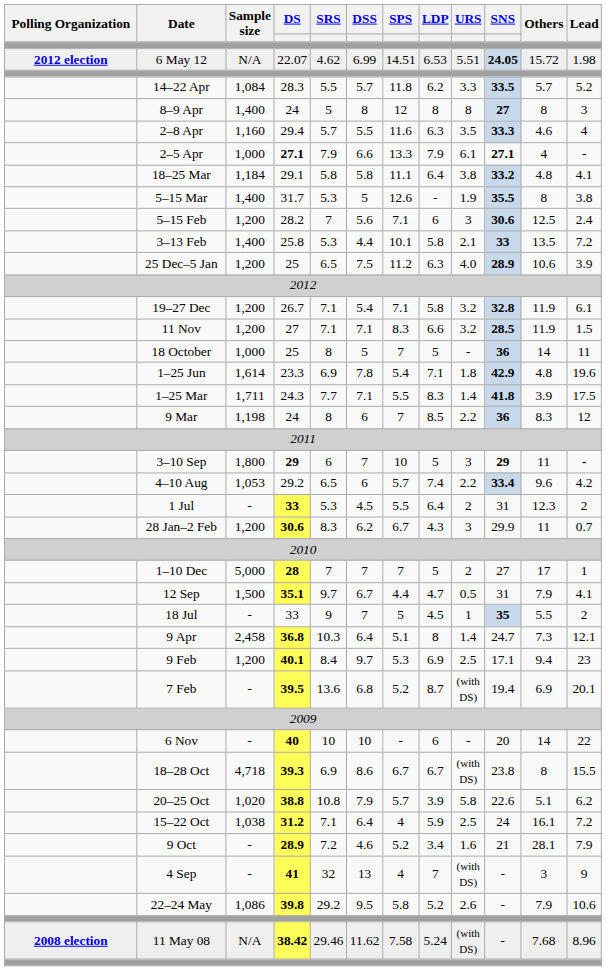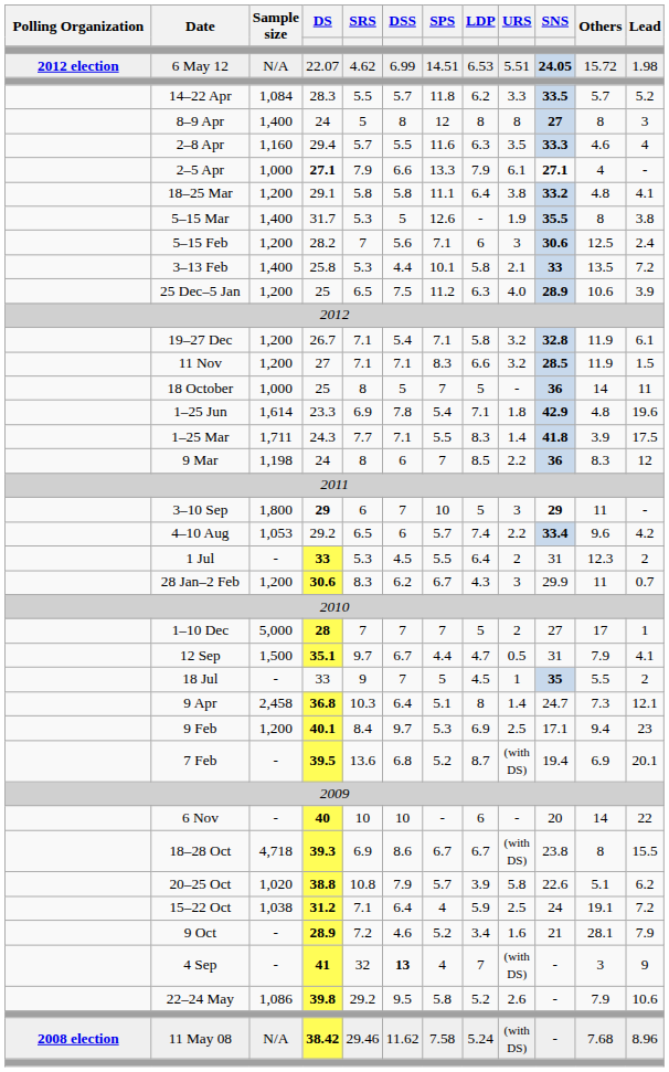 <table class="wikitable" style="text-align:center; font-size:85%; line-height:16px; margin-bottom:0">
 <tr>
 <th style="width:150px;" rowspan="2">Polling Organization</th>
 <th style="width:100px;" rowspan="2">Date</th>
 <th rowspan="2">Sample size</th>
 <th><a href='#'>DS</a></th>
 <th><a href='#'>SRS</a></th>
 <th><a href='#'>DSS</a></th>
 <th><a href='#'>SPS</a></th>
 <th><a href='#'>LDP</a></th>
 <th><a href='#'>URS</a></th>
 <th><a href='#'>SNS</a></th>
 <th rowspan="2">Others</th>
 <th rowspan="2">Lead</th>
 </tr>
 <tr>
 <th style="background:"></th>
 <th style="background:"></th>
 <th style="background:"></th>
 <th style="background:"></th>
 <th style="background:"></th>
 <th style="background:"></th>
 <th style="background:"></th>
 </tr>
 <tr>
 <td colspan="12" style="background:#A0A0A0"></td>
 </tr>
 <tr style="background:#EFEFEF;">
 <td><strong><a href='#'>2012 election</a></strong></td>
 <td>6 May 12</td>
 <td>N/A</td>
 <td>22.07</td>
 <td>4.62</td>
 <td>6.99</td>
 <td>14.51</td>
 <td>6.53</td>
 <td>5.51</td>
 <td style="background:#C8D9EC"><strong>24.05</strong></td>
 <td>15.72</td>
 <td style="background:">1.98</td>
 </tr>
 <tr>
 <td colspan="12" style="background:#A0A0A0"></td>
 </tr>
 <tr>
 <td></td>
 <td>14–22 Apr</td>
 <td>1,084</td>
 <td>28.3</td>
 <td>5.5</td>
 <td>5.7</td>
 <td>11.8</td>
 <td>6.2</td>
 <td>3.3</td>
 <td style="background:#C8D9EC"><strong>33.5</strong></td>
 <td>5.7</td>
 <td style="background:">5.2</td>
 </tr>
 <tr>
 <td></td>
 <td>8–9 Apr</td>
 <td>1,400</td>
 <td>24</td>
 <td>5</td>
 <td>8</td>
 <td>12</td>
 <td>8</td>
 <td>8</td>
 <td style="background:#C8D9EC"><strong>27</strong></td>
 <td>8</td>
 <td style="background:">3</td>
 </tr>
 <tr>
 <td></td>
 <td>2–8 Apr</td>
 <td>1,160</td>
 <td>29.4</td>
 <td>5.7</td>
 <td>5.5</td>
 <td>11.6</td>
 <td>6.3</td>
 <td>3.5</td>
 <td style="background:#C8D9EC"><strong>33.3</strong></td>
 <td>4.6</td>
 <td style="background:">4</td>
 </tr>
 <tr>
 <td></td>
 <td>2–5 Apr</td>
 <td>1,000</td>
 <td><strong>27.1</strong></td>
 <td>7.9</td>
 <td>6.6</td>
 <td>13.3</td>
 <td>7.9</td>
 <td>6.1</td>
 <td><strong>27.1</strong></td>
 <td>4</td>
 <td><strong>-</strong></td>
 </tr>
 <tr>
 <td></td>
 <td>18–25 Mar</td>
-<td>1,184</td>
+<td>1,200</td>
 <td>29.1</td>
 <td>5.8</td>
 <td>5.8</td>
 <td>11.1</td>
 <td>6.4</td>
 <td>3.8</td>
 <td style="background:#C8D9EC"><strong>33.2</strong></td>
 <td>4.8</td>
 <td style="background:">4.1</td>
 </tr>
 <tr>
 <td></td>
 <td>5–15 Mar</td>
 <td>1,400</td>
 <td>31.7</td>
 <td>5.3</td>
 <td>5</td>
 <td>12.6</td>
 <td>-</td>
 <td>1.9</td>
 <td style="background:#C8D9EC"><strong>35.5</strong></td>
 <td>8</td>
 <td style="background:">3.8</td>
 </tr>
 <tr>
 <td></td>
 <td>5–15 Feb</td>
 <td>1,200</td>
 <td>28.2</td>
 <td>7</td>
 <td>5.6</td>
 <td>7.1</td>
 <td>6</td>
 <td>3</td>
 <td style="background:#C8D9EC"><strong>30.6</strong></td>
 <td>12.5</td>
 <td style="background:">2.4</td>
 </tr>
 <tr>
 <td></td>
 <td>3–13 Feb</td>
 <td>1,400</td>
 <td>25.8</td>
 <td>5.3</td>
 <td>4.4</td>
 <td>10.1</td>
 <td>5.8</td>
 <td>2.1</td>
 <td style="background:#C8D9EC"><strong>33</strong></td>
 <td>13.5</td>
 <td style="background:">7.2</td>
 </tr>
 <tr>
 <td></td>
 <td>25 Dec–5 Jan</td>
 <td>1,200</td>
 <td>25</td>
 <td>6.5</td>
 <td>7.5</td>
 <td>11.2</td>
 <td>6.3</td>
 <td>4.0</td>
 <td style="background:#C8D9EC"><strong>28.9</strong></td>
 <td>10.6</td>
 <td style="background:">3.9</td>
 </tr>
 <tr>
 <td colspan="12" style="background:#D0D0D0; color:black"><em>2012</em></td>
 </tr>
 <tr>
 <td></td>
 <td>19–27 Dec</td>
 <td>1,200</td>
 <td>26.7</td>
 <td>7.1</td>
 <td>5.4</td>
 <td>7.1</td>
 <td>5.8</td>
 <td>3.2</td>
 <td style="background:#C8D9EC"><strong>32.8</strong></td>
 <td>11.9</td>
 <td style="background:">6.1</td>
 </tr>
 <tr>
 <td></td>
 <td>11 Nov</td>
 <td>1,200</td>
 <td>27</td>
 <td>7.1</td>
 <td>7.1</td>
 <td>8.3</td>
 <td>6.6</td>
 <td>3.2</td>
 <td style="background:#C8D9EC"><strong>28.5</strong></td>
 <td>11.9</td>
 <td style="background:">1.5</td>
 </tr>
 <tr>
 <td></td>
 <td>18 October</td>
 <td>1,000</td>
 <td>25</td>
 <td>8</td>
 <td>5</td>
 <td>7</td>
 <td>5</td>
 <td>-</td>
 <td style="background:#C8D9EC"><strong>36</strong></td>
 <td>14</td>
 <td style="background:">11</td>
 </tr>
 <tr>
 <td></td>
 <td>1–25 Jun</td>
 <td>1,614</td>
 <td>23.3</td>
 <td>6.9</td>
 <td>7.8</td>
 <td>5.4</td>
 <td>7.1</td>
 <td>1.8</td>
 <td style="background:#C8D9EC"><strong>42.9</strong></td>
 <td>4.8</td>
 <td style="background:">19.6</td>
 </tr>
 <tr>
 <td></td>
 <td>1–25 Mar</td>
 <td>1,711</td>
 <td>24.3</td>
 <td>7.7</td>
 <td>7.1</td>
 <td>5.5</td>
 <td>8.3</td>
 <td>1.4</td>
 <td style="background:#C8D9EC"><strong>41.8</strong></td>
 <td>3.9</td>
 <td style="background:">17.5</td>
 </tr>
 <tr>
 <td></td>
 <td>9 Mar</td>
 <td>1,198</td>
 <td>24</td>
 <td>8</td>
 <td>6</td>
 <td>7</td>
 <td>8.5</td>
 <td>2.2</td>
 <td style="background:#C8D9EC"><strong>36</strong></td>
 <td>8.3</td>
 <td style="background:">12</td>
 </tr>
 <tr>
 <td colspan="12" style="background:#D0D0D0; color:black"><em>2011</em></td>
 </tr>
 <tr>
 <td></td>
 <td>3–10 Sep</td>
 <td>1,800</td>
 <td><strong>29</strong></td>
 <td>6</td>
 <td>7</td>
 <td>10</td>
 <td>5</td>
 <td>3</td>
 <td><strong>29</strong></td>
 <td>11</td>
 <td><strong>-</strong></td>
 </tr>
 <tr>
 <td></td>
 <td>4–10 Aug</td>
 <td>1,053</td>
 <td>29.2</td>
 <td>6.5</td>
 <td>6</td>
 <td>5.7</td>
 <td>7.4</td>
 <td>2.2</td>
 <td style="background:#C8D9EC"><strong>33.4</strong></td>
 <td>9.6</td>
 <td style="background:">4.2</td>
 </tr>
 <tr>
 <td></td>
 <td>1 Jul</td>
 <td>-</td>
 <td style="background:#fffd57"><strong>33</strong></td>
 <td>5.3</td>
 <td>4.5</td>
 <td>5.5</td>
 <td>6.4</td>
 <td>2</td>
 <td>31</td>
 <td>12.3</td>
 <td style="background:">2</td>
 </tr>
 <tr>
 <td></td>
 <td>28 Jan–2 Feb</td>
 <td>1,200</td>
 <td style="background:#fffd57"><strong>30.6</strong></td>
 <td>8.3</td>
 <td>6.2</td>
 <td>6.7</td>
 <td>4.3</td>
 <td>3</td>
 <td>29.9</td>
 <td>11</td>
 <td style="background:">0.7</td>
 </tr>
 <tr>
 <td colspan="12" style="background:#D0D0D0; color:black"><em>2010</em></td>
 </tr>
 <tr>
 <td></td>
 <td>1–10 Dec</td>
 <td>5,000</td>
 <td style="background:#fffd57"><strong>28</strong></td>
 <td>7</td>
 <td>7</td>
 <td>7</td>
 <td>5</td>
 <td>2</td>
 <td>27</td>
 <td>17</td>
 <td style="background:">1</td>
 </tr>
 <tr>
 <td></td>
 <td>12 Sep</td>
 <td>1,500</td>
 <td style="background:#fffd57"><strong>35.1</strong></td>
 <td>9.7</td>
 <td>6.7</td>
 <td>4.4</td>
 <td>4.7</td>
 <td>0.5</td>
 <td>31</td>
 <td>7.9</td>
 <td style="background:">4.1</td>
 </tr>
 <tr>
 <td></td>
 <td>18 Jul</td>
 <td>-</td>
 <td>33</td>
 <td>9</td>
 <td>7</td>
 <td>5</td>
 <td>4.5</td>
 <td>1</td>
 <td style="background:#C8D9EC"><strong>35</strong></td>
 <td>5.5</td>
 <td style="background:">2</td>
 </tr>
 <tr>
 <td></td>
 <td>9 Apr</td>
 <td>2,458</td>
 <td style="background:#fffd57"><strong>36.8</strong></td>
 <td>10.3</td>
 <td>6.4</td>
 <td>5.1</td>
 <td>8</td>
 <td>1.4</td>
 <td>24.7</td>
 <td>7.3</td>
 <td style="background:">12.1</td>
 </tr>
 <tr>
 <td></td>
 <td>9 Feb</td>
 <td>1,200</td>
 <td style="background:#fffd57"><strong>40.1</strong></td>
 <td>8.4</td>
 <td>9.7</td>
 <td>5.3</td>
 <td>6.9</td>
 <td>2.5</td>
 <td>17.1</td>
 <td>9.4</td>
 <td style="background:">23</td>
 </tr>
 <tr>
 <td></td>
 <td>7 Feb</td>
 <td>-</td>
 <td style="background:#fffd57"><strong>39.5</strong></td>
 <td>13.6</td>
 <td>6.8</td>
 <td>5.2</td>
 <td>8.7</td>
 <td><small>(with DS)</small></td>
 <td>19.4</td>
 <td>6.9</td>
 <td style="background:">20.1</td>
 </tr>
 <tr>
 <td colspan="12" style="background:#D0D0D0; color:black"><em>2009</em></td>
 </tr>
 <tr>
 <td></td>
 <td>6 Nov</td>
 <td>-</td>
 <td style="background:#fffd57"><strong>40</strong></td>
 <td>10</td>
 <td>10</td>
 <td>-</td>
 <td>6</td>
 <td>-</td>
 <td>20</td>
 <td>14</td>
 <td style="background:">22</td>
 </tr>
 <tr>
 <td></td>
 <td>18–28 Oct</td>
 <td>4,718</td>
 <td style="background:#fffd57"><strong>39.3</strong></td>
 <td>6.9</td>
 <td>8.6</td>
 <td>6.7</td>
 <td>6.7</td>
 <td><small>(with DS)</small></td>
 <td>23.8</td>
 <td>8</td>
 <td style="background:">15.5</td>
 </tr>
 <tr>
 <td></td>
 <td>20–25 Oct</td>
 <td>1,020</td>
 <td style="background:#fffd57"><strong>38.8</strong></td>
 <td>10.8</td>
 <td>7.9</td>
 <td>5.7</td>
 <td>3.9</td>
 <td>5.8</td>
 <td>22.6</td>
 <td>5.1</td>
 <td style="background:">6.2</td>
 </tr>
 <tr>
 <td></td>
 <td>15–22 Oct</td>
 <td>1,038</td>
 <td style="background:#fffd57"><strong>31.2</strong></td>
 <td>7.1</td>
 <td>6.4</td>
 <td>4</td>
 <td>5.9</td>
 <td>2.5</td>
 <td>24</td>
-<td>16.1</td>
+<td>19.1</td>
 <td style="background:">7.2</td>
 </tr>
 <tr>
 <td></td>
 <td>9 Oct</td>
 <td>-</td>
 <td style="background:#fffd57"><strong>28.9</strong></td>
 <td>7.2</td>
 <td>4.6</td>
 <td>5.2</td>
 <td>3.4</td>
 <td>1.6</td>
 <td>21</td>
 <td>28.1</td>
 <td style="background:">7.9</td>
 </tr>
 <tr>
 <td></td>
 <td>4 Sep</td>
 <td>-</td>
 <td style="background:#fffd57"><strong>41</strong></td>
 <td>32</td>
-<td>13</td>
+<td><strong>13</strong></td>
 <td>4</td>
 <td>7</td>
 <td><small>(with DS)</small></td>
 <td>-</td>
 <td>3</td>
 <td style="background:">9</td>
 </tr>
 <tr>
 <td></td>
 <td>22–24 May</td>
 <td>1,086</td>
 <td style="background:#fffd57"><strong>39.8</strong></td>
 <td>29.2</td>
 <td>9.5</td>
 <td>5.8</td>
 <td>5.2</td>
 <td>2.6</td>
 <td>-</td>
 <td>7.9</td>
 <td style="background:">10.6</td>
 </tr>
 <tr>
 <td colspan="12" style="background:#A0A0A0"></td>
 </tr>
 <tr style="background:#EFEFEF;">
 <td><strong><a href='#'>2008 election</a></strong></td>
 <td>11 May 08</td>
 <td>N/A</td>
 <td style="background:#fffd57"><strong>38.42</strong></td>
 <td>29.46</td>
 <td>11.62</td>
 <td>7.58</td>
 <td>5.24</td>
 <td><small>(with DS)</small></td>
 <td>-</td>
 <td>7.68</td>
 <td style="background:">8.96</td>
 </tr>
 <tr>
 <td colspan="12" style="background:#A0A0A0"></td>
 </tr>
 </table>
